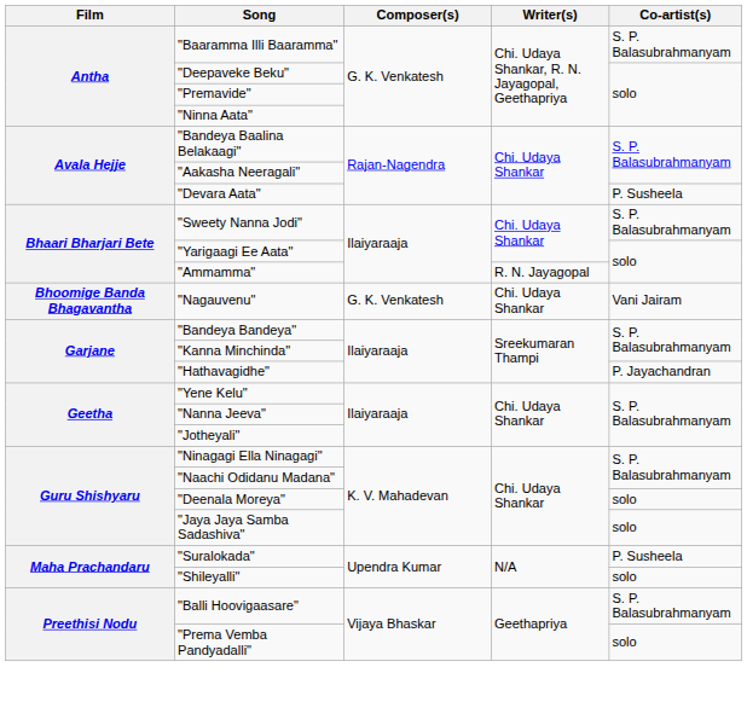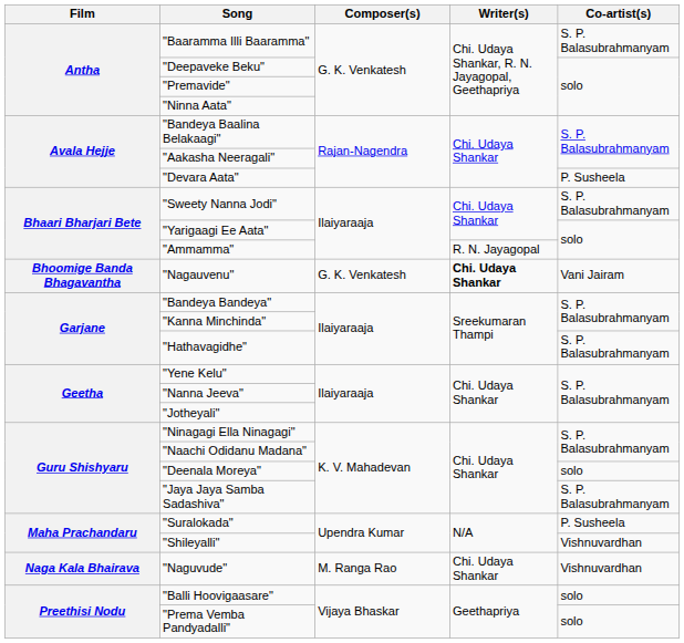 <table class="wikitable plainrowheaders" width="100%" textcolor:#000;">
 <tr style="background:#b0e0e66;">
 <th scope="col" width=23%><strong>Film</strong></th>
 <th scope="col" width=23%><strong>Song</strong></th>
 <th scope="col" width=20%><strong>Composer(s)</strong></th>
 <th scope="col" width=16%><strong>Writer(s)</strong></th>
 <th scope="col" width=18%><strong>Co-artist(s)</strong></th>
 </tr>
 <tr>
 <th Rowspan=4><em><a href='#'>Antha</a></em></th>
 <td>"Baaramma Illi Baaramma"</td>
 <td rowspan=4>G. K. Venkatesh</td>
 <td rowspan=4>Chi. Udaya Shankar,  R. N. Jayagopal, Geethapriya</td>
 <td>S. P. Balasubrahmanyam</td>
 </tr>
 <tr>
 <td>"Deepaveke Beku"</td>
 <td rowspan=3>solo</td>
 </tr>
 <tr>
 <td>"Premavide"</td>
 </tr>
 <tr>
 <td>"Ninna Aata"</td>
 </tr>
 <tr>
 <th Rowspan=3><em><a href='#'>Avala Hejje</a></em></th>
 <td>"Bandeya Baalina Belakaagi"</td>
 <td Rowspan=3><a href='#'>Rajan-Nagendra</a></td>
 <td Rowspan=3><a href='#'>Chi. Udaya Shankar</a></td>
 <td Rowspan=2><a href='#'>S. P. Balasubrahmanyam</a></td>
 </tr>
 <tr>
 <td>"Aakasha Neeragali"</td>
 </tr>
 <tr>
 <td>"Devara Aata"</td>
 <td>P. Susheela</td>
 </tr>
 <tr>
 <th Rowspan=3><em><a href='#'>Bhaari Bharjari Bete</a></em></th>
 <td>"Sweety Nanna Jodi"</td>
 <td rowspan=3>Ilaiyaraaja</td>
 <td rowspan=2><a href='#'>Chi. Udaya Shankar</a></td>
 <td>S. P. Balasubrahmanyam</td>
 </tr>
 <tr>
 <td>"Yarigaagi Ee Aata"</td>
 <td rowspan=2>solo</td>
 </tr>
 <tr>
 <td>"Ammamma"</td>
 <td>R. N. Jayagopal</td>
 </tr>
 <tr>
 <th Rowspan=><em><a href='#'>Bhoomige Banda Bhagavantha</a></em></th>
 <td>"Nagauvenu"</td>
 <td rowspan=>G. K. Venkatesh</td>
-<td rowspan=>Chi. Udaya Shankar</td>
+<td rowspan=><strong>Chi. Udaya Shankar</strong></td>
 <td rowspan= style="background: lightgrey;">Vani Jairam</td>
 </tr>
 <tr>
 <th Rowspan=3><em><a href='#'>Garjane</a></em></th>
 <td>"Bandeya Bandeya"</td>
 <td rowspan=3>Ilaiyaraaja</td>
 <td rowspan=3>Sreekumaran Thampi</td>
 <td rowspan=2>S. P. Balasubrahmanyam</td>
 </tr>
 <tr>
 <td>"Kanna Minchinda"</td>
 </tr>
 <tr>
 <td>"Hathavagidhe"</td>
-<td>P. Jayachandran</td>
+<td>S. P. Balasubrahmanyam</td>
 </tr>
 <tr>
 <th Rowspan=3><em><a href='#'>Geetha</a></em></th>
 <td>"Yene Kelu"</td>
 <td rowspan=3>Ilaiyaraaja</td>
 <td rowspan=3>Chi. Udaya Shankar</td>
 <td rowspan=3>S. P. Balasubrahmanyam</td>
 </tr>
 <tr>
 <td>"Nanna Jeeva"</td>
 </tr>
 <tr>
 <td>"Jotheyali"</td>
 </tr>
 <tr>
 <th Rowspan=4><em><a href='#'>Guru Shishyaru</a></em></th>
 <td>"Ninagagi Ella Ninagagi"</td>
 <td Rowspan=4>K. V. Mahadevan</td>
 <td rowspan=4>Chi. Udaya Shankar</td>
 <td rowspan=2>S. P. Balasubrahmanyam</td>
 </tr>
 <tr>
 <td>"Naachi Odidanu Madana"</td>
 </tr>
 <tr>
 <td>"Deenala Moreya"</td>
 <td>solo</td>
 </tr>
 <tr>
 <td>"Jaya Jaya Samba Sadashiva"</td>
-<td>solo</td>
+<td>S. P. Balasubrahmanyam</td>
 </tr>
 <tr>
 <th rowspan=2><em><a href='#'>Maha Prachandaru</a></em></th>
 <td>"Suralokada"</td>
 <td rowspan=2>Upendra Kumar</td>
 <td rowspan=2>N/A</td>
 <td>P. Susheela</td>
 </tr>
 <tr>
 <td>"Shileyalli"</td>
-<td>solo</td>
+<td>Vishnuvardhan</td>
+</tr>
+<tr>
+<th><em><a href='#'>Naga Kala Bhairava</a></em></th>
+<td>"Naguvude"</td>
+<td>M. Ranga Rao</td>
+<td>Chi. Udaya Shankar</td>
+<td>Vishnuvardhan</td>
 </tr>
 <tr>
 <th Rowspan=2><em><a href='#'>Preethisi Nodu</a></em></th>
 <td>"Balli Hoovigaasare"</td>
 <td rowspan=2>Vijaya Bhaskar</td>
 <td rowspan=2>Geethapriya</td>
-<td>S. P. Balasubrahmanyam</td>
+<td>solo</td>
 </tr>
 <tr>
 <td>"Prema Vemba Pandyadalli"</td>
 <td>solo</td>
 </tr>
 </table>
